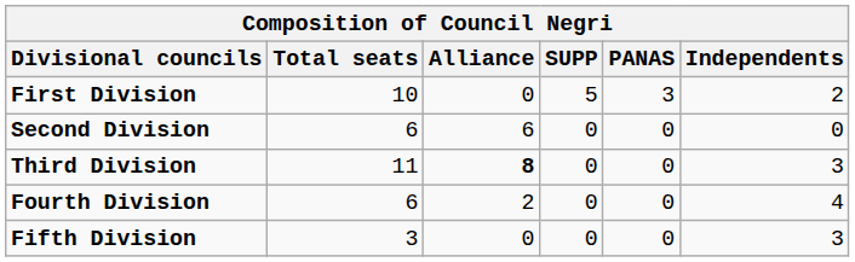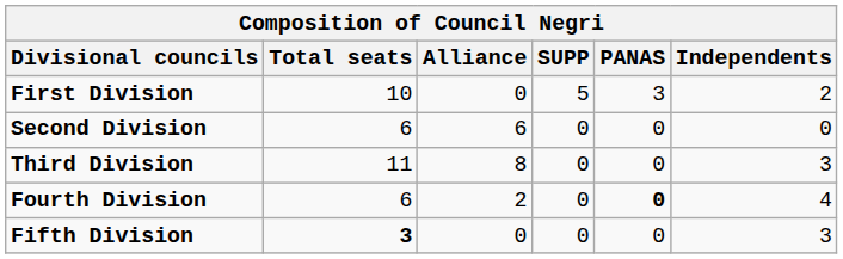 <table class=wikitable style=text-align:right>
 <tr>
 <th colspan = "8"><strong> Composition of Council Negri</strong></th>
 </tr>
 <tr>
 <th>Divisional councils</th>
 <th>Total seats</th>
 <th>Alliance</th>
 <th>SUPP</th>
 <th>PANAS</th>
 <th>Independents</th>
 </tr>
 <tr>
 <td align=left><strong>First Division</strong></td>
 <td>10</td>
 <td>0</td>
 <td>5</td>
 <td>3</td>
 <td>2</td>
 </tr>
 <tr>
 <td align=left><strong>Second Division</strong></td>
 <td>6</td>
 <td>6</td>
 <td>0</td>
 <td>0</td>
 <td>0</td>
 </tr>
 <tr>
 <td align=left><strong>Third Division</strong></td>
 <td>11</td>
-<td><strong>8</strong></td>
+<td>8</td>
 <td>0</td>
 <td>0</td>
 <td>3</td>
 </tr>
 <tr>
 <td align=left><strong>Fourth Division</strong></td>
 <td>6</td>
 <td>2</td>
 <td>0</td>
-<td>0</td>
+<td><strong>0</strong></td>
 <td>4</td>
 </tr>
 <tr>
 <td align=left><strong>Fifth Division</strong></td>
-<td>3</td>
+<td><strong>3</strong></td>
 <td>0</td>
 <td>0</td>
 <td>0</td>
 <td>3</td>
 </tr>
 </table>
